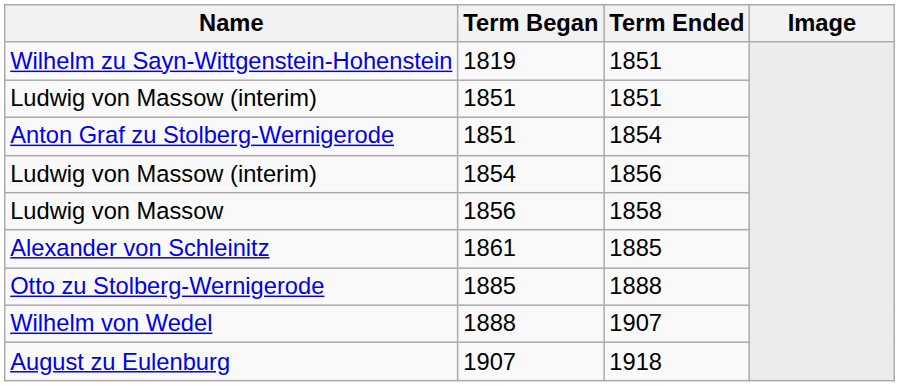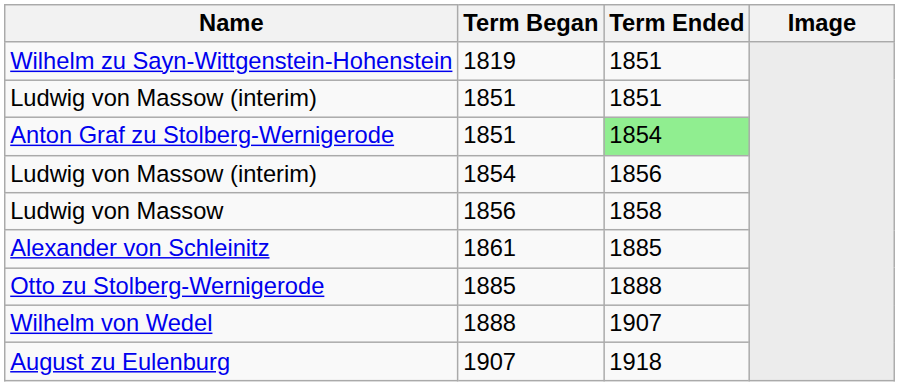 <table class="wikitable zebra">
 <tr class="hintergrundfarbe6">
 <th>Name</th>
 <th>Term Began</th>
 <th>Term Ended</th>
 <th>Image</th>
 </tr>
 <tr>
 <td><a href='#'>Wilhelm zu Sayn-Wittgenstein-Hohenstein</a></td>
 <td>1819</td>
 <td>1851</td>
 <th rowspan="35" valign="top" style="background:#ececec" width="90"><br>  </th>
 </tr>
 <tr>
 <td>Ludwig von Massow (interim)</td>
 <td>1851</td>
 <td>1851</td>
 </tr>
 <tr>
 <td><a href='#'>Anton Graf zu Stolberg-Wernigerode</a></td>
 <td>1851</td>
-<td>1854</td>
+<td style="background: lightgreen;">1854</td>
 </tr>
 <tr>
 <td>Ludwig von Massow (interim)</td>
 <td>1854</td>
 <td>1856</td>
 </tr>
 <tr>
 <td>Ludwig von Massow</td>
 <td>1856</td>
 <td>1858</td>
 </tr>
 <tr>
 <td><a href='#'>Alexander von Schleinitz</a></td>
 <td>1861</td>
 <td>1885</td>
 </tr>
 <tr>
 <td><a href='#'>Otto zu Stolberg-Wernigerode</a></td>
 <td>1885</td>
 <td>1888</td>
 </tr>
 <tr>
 <td><a href='#'>Wilhelm von Wedel</a></td>
 <td>1888</td>
 <td>1907</td>
 </tr>
 <tr>
 <td><a href='#'>August zu Eulenburg</a></td>
 <td>1907</td>
 <td>1918</td>
 </tr>
 </table>
